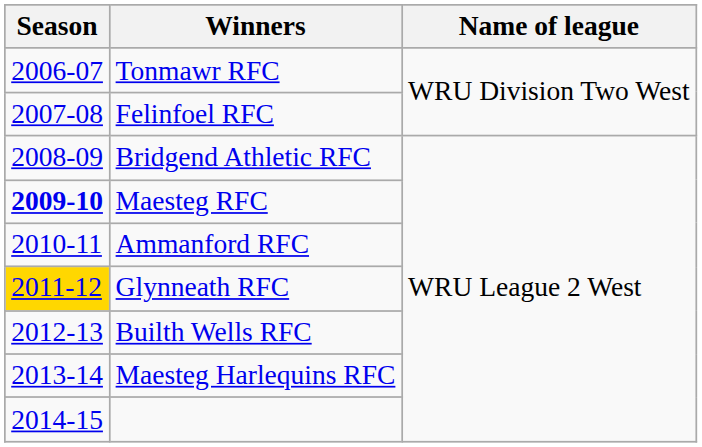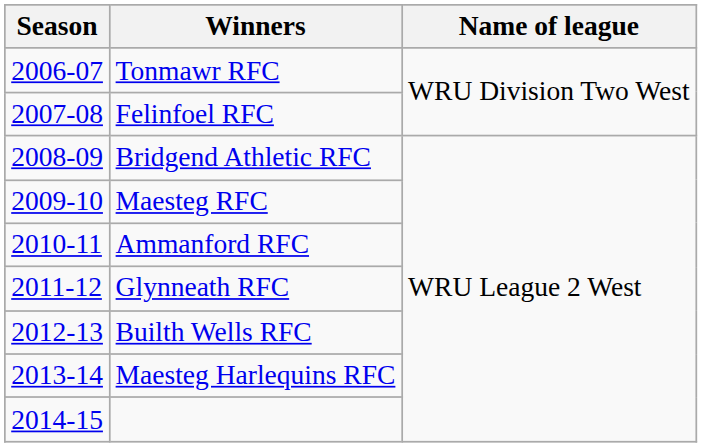 <table class="wikitable">
 <tr>
 <th>Season</th>
 <th>Winners</th>
 <th>Name of league</th>
 </tr>
 <tr>
 <td><a href='#'>2006-07</a></td>
 <td><a href='#'>Tonmawr RFC</a></td>
 <td rowspan=2>WRU Division Two West</td>
 </tr>
 <tr>
 <td><a href='#'>2007-08</a></td>
 <td><a href='#'>Felinfoel RFC</a></td>
 </tr>
 <tr>
 <td><a href='#'>2008-09</a></td>
 <td><a href='#'>Bridgend Athletic RFC</a></td>
 <td rowspan=7>WRU League 2 West</td>
 </tr>
 <tr>
-<td><strong><a href='#'>2009-10</a></strong></td>
+<td><a href='#'>2009-10</a></td>
 <td><a href='#'>Maesteg RFC</a></td>
 </tr>
 <tr>
 <td><a href='#'>2010-11</a></td>
 <td><a href='#'>Ammanford RFC</a></td>
 </tr>
 <tr>
-<td style="background: gold;"><a href='#'>2011-12</a></td>
+<td><a href='#'>2011-12</a></td>
 <td><a href='#'>Glynneath RFC</a></td>
 </tr>
 <tr>
 <td><a href='#'>2012-13</a></td>
 <td><a href='#'>Builth Wells RFC</a></td>
 </tr>
 <tr>
 <td><a href='#'>2013-14</a></td>
 <td><a href='#'>Maesteg Harlequins RFC</a></td>
 </tr>
 <tr>
 <td><a href='#'>2014-15</a></td>
 <td></td>
 </tr>
 </table>
